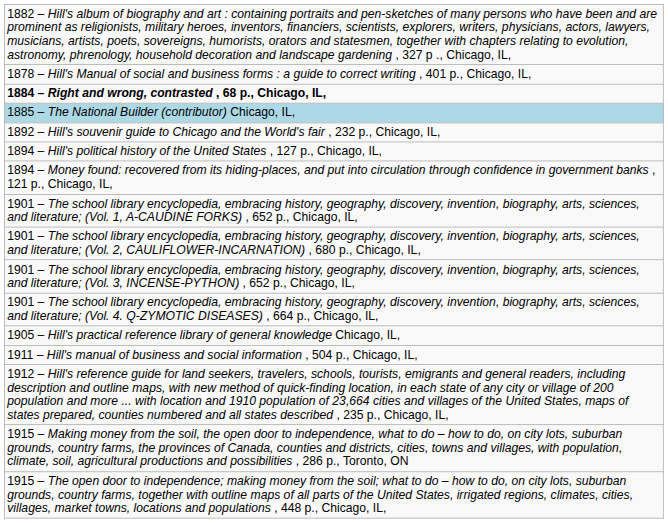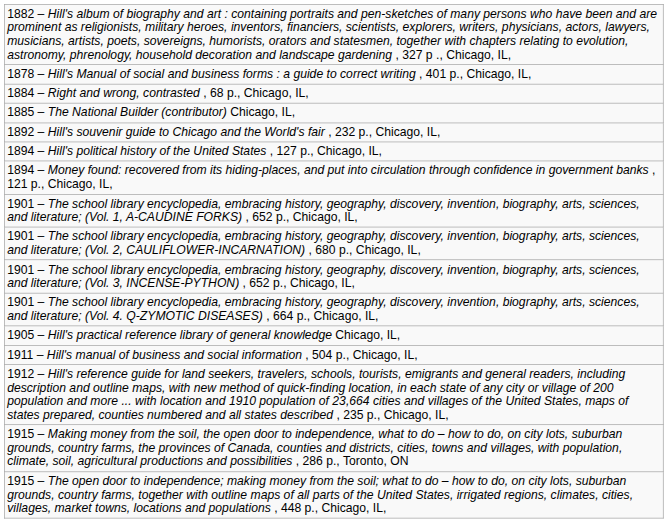 <table class="wikitable">
 <tr>
 <td>1882	– 	<em>	Hill's album of biography and art : containing portraits and pen-sketches of many persons who have been and are prominent as religionists, military heroes, inventors, financiers, scientists, explorers, writers, physicians, actors, lawyers, musicians, artists, poets, sovereigns, humorists, orators and statesmen, together with chapters relating to evolution, astronomy, phrenology, household decoration and landscape gardening	</em>	, 327 p .,	Chicago, IL, 	</td>
 </tr>
 <tr>
 <td>1878	– 	<em>	Hill's Manual of social and business forms : a guide to correct writing	</em>	, 401 p.,	Chicago, IL, 	</td>
 </tr>
 <tr>
-<td><strong>1884	– 	<em>	Right and wrong, contrasted	</em>	, 68 p.,	Chicago, IL, 	</strong></td>
+<td>1884	– 	<em>	Right and wrong, contrasted	</em>	, 68 p.,	Chicago, IL, 	</td>
 </tr>
 <tr>
-<td style="background: lightblue;">1885	– 	<em>	The National Builder (contributor)	</em>		Chicago, IL, 	</td>
+<td>1885	– 	<em>	The National Builder (contributor)	</em>		Chicago, IL, 	</td>
 </tr>
 <tr>
 <td>1892	– 	<em>	Hill's souvenir guide to Chicago and the World's fair	</em>	, 232 p.,	Chicago, IL, 	</td>
 </tr>
 <tr>
 <td>1894	– 	<em>	Hill's political history of the United States	</em>	, 127 p.,	Chicago, IL, 	</td>
 </tr>
 <tr>
 <td>1894	– 	<em>	Money found: recovered from its hiding-places, and put into circulation through confidence in government banks	</em>	, 121 p.,	Chicago, IL, 	</td>
 </tr>
 <tr>
 <td>1901	– 	<em>	The school library encyclopedia, embracing history, geography, discovery, invention, biography, arts, sciences, and literature; (Vol. 1, A-CAUDINE FORKS)	</em>	, 652 p.,	Chicago, IL, 	</td>
 </tr>
 <tr>
 <td>1901	– 	<em>	The school library encyclopedia, embracing history, geography, discovery, invention, biography, arts, sciences, and literature; (Vol. 2, CAULIFLOWER-INCARNATION)	</em>	, 680 p.,	Chicago, IL, 	</td>
 </tr>
 <tr>
 <td>1901	– 	<em>	The school library encyclopedia, embracing history, geography, discovery, invention, biography, arts, sciences, and literature; (Vol. 3, INCENSE-PYTHON)	</em>	, 652 p.,	Chicago, IL, 	</td>
 </tr>
 <tr>
 <td>1901	– 	<em>	The school library encyclopedia, embracing history, geography, discovery, invention, biography, arts, sciences, and literature; (Vol. 4. Q-ZYMOTIC DISEASES)	</em>	, 664 p.,	Chicago, IL, 	</td>
 </tr>
 <tr>
 <td>1905	– 	<em>	Hill's practical reference library of general knowledge	</em>		Chicago, IL, 	</td>
 </tr>
 <tr>
 <td>1911	– 	<em>	Hill's manual of business and social information	</em>	, 504 p.,	Chicago, IL, 	</td>
 </tr>
 <tr>
 <td>1912	– 	<em>	Hill's reference guide for land seekers, travelers, schools, tourists, emigrants and general readers, including description and outline maps, with new method of quick-finding location, in each state of any city or village of 200 population and more ... with location and 1910 population of 23,664 cities and villages of the United States, maps of states prepared, counties numbered and all states described	</em>	, 235 p.,	Chicago, IL, 	</td>
 </tr>
 <tr>
 <td>1915	– 	<em>	Making money from the soil, the open door to independence, what to do – how to do, on city lots, suburban grounds, country farms, the provinces of Canada, counties and districts, cities, towns and villages, with population, climate, soil, agricultural productions and possibilities	</em>	, 286 p.,	Toronto, ON	</td>
 </tr>
 <tr>
 <td>1915	– 	<em>	The open door to independence; making money from the soil; what to do – how to do, on city lots, suburban grounds, country farms, together with outline maps of all parts of the United States, irrigated regions, climates, cities, villages, market towns, locations and populations	</em>	, 448 p.,	Chicago, IL, 	</td>
 </tr>
 </table>
